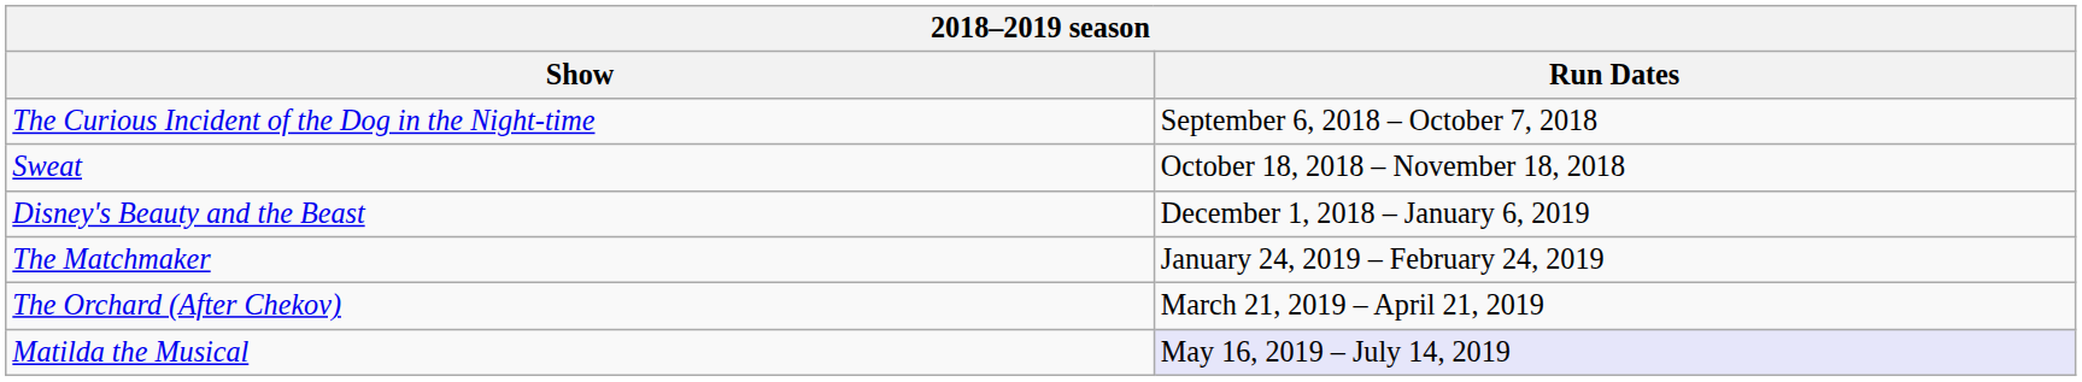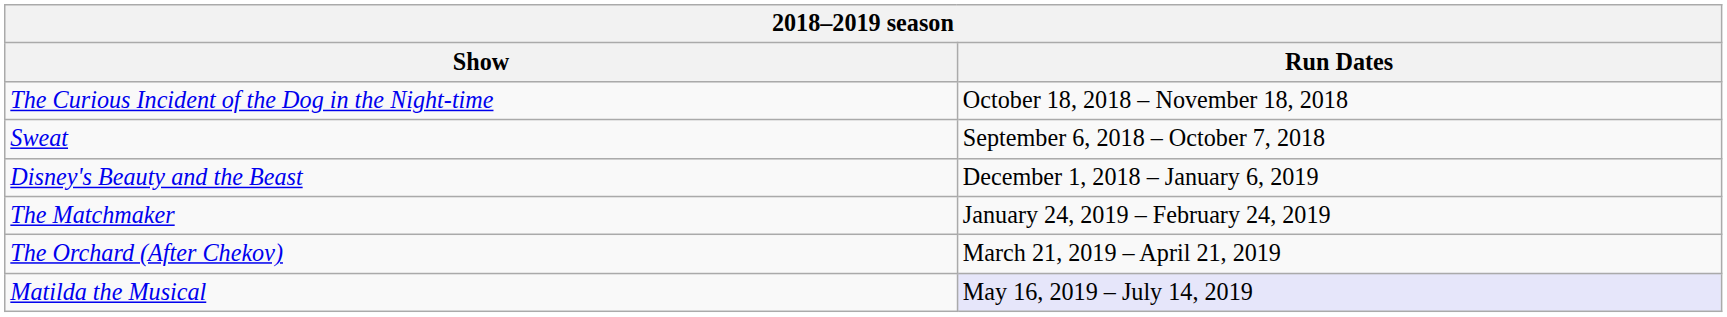 <table class="wikitable collapsible" width=90%>
 <tr>
 <th colspan=4>2018–2019 season</th>
 </tr>
 <tr>
 <th>Show</th>
 <th>Run Dates</th>
 </tr>
 <tr>
 <td><em><a href='#'>The Curious Incident of the Dog in the Night-time</a></em></td>
-<td>September 6, 2018 – October 7, 2018</td>
+<td>October 18, 2018 – November 18, 2018</td>
 </tr>
 <tr>
 <td><em><a href='#'>Sweat</a></em></td>
-<td>October 18, 2018 – November 18, 2018</td>
+<td>September 6, 2018 – October 7, 2018</td>
 </tr>
 <tr>
 <td><em><a href='#'>Disney's Beauty and the Beast</a></em></td>
 <td>December 1, 2018 – January 6, 2019</td>
 </tr>
 <tr>
 <td><em><a href='#'>The Matchmaker</a></em></td>
 <td>January 24, 2019 – February 24, 2019</td>
 </tr>
 <tr>
 <td><em><a href='#'>The Orchard (After Chekov)</a></em></td>
 <td>March 21, 2019 – April 21, 2019</td>
 </tr>
 <tr>
 <td><em><a href='#'>Matilda the Musical</a></em></td>
 <td style="background: lavender;">May 16, 2019 – July 14, 2019</td>
 </tr>
 </table>
